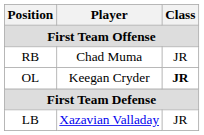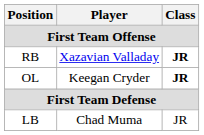 <table class="wikitable" border="0">
 <tr>
 <th>Position</th>
 <th>Player</th>
 <th>Class</th>
 </tr>
 <tr>
 <td colspan="3" style="text-align:center; background:#ddd;"><strong>First Team Offense </strong></td>
 </tr>
 <tr style="text-align:center;">
 <td style="background:white">RB</td>
-<td style="background:white">Chad Muma</td>
-<td style="background:white">JR</td>
+<td style="background:white"><a href='#'>Xazavian Valladay</a></td>
+<td style="background:white"><strong>JR</strong></td>
 </tr>
 <tr style="text-align:center;">
 <td style="background:white">OL</td>
 <td style="background:white">Keegan Cryder</td>
 <td style="background:white"><strong>JR</strong></td>
 </tr>
 <tr>
 <td colspan="4" style="text-align:center; background:#ddd;"><strong>First Team Defense</strong></td>
 </tr>
 <tr style="text-align:center;">
 <td style="background:white">LB</td>
-<td style="background:white"><a href='#'>Xazavian Valladay</a></td>
+<td style="background:white">Chad Muma</td>
 <td style="background:white">JR</td>
 </tr>
 </table>
